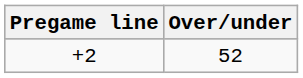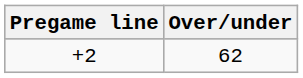 <table class="wikitable" style="margin-left: auto; margin-right: auto; border: none; display: inline-table;">
 <tr align="center">
 <th style=>Pregame line</th>
 <th style=>Over/under</th>
 </tr>
 <tr align="center">
 <td>+2</td>
-<td>52</td>
+<td>62</td>
 </tr>
 </table>
